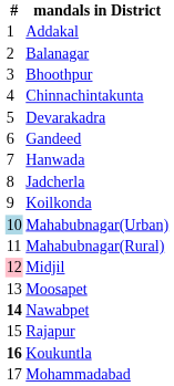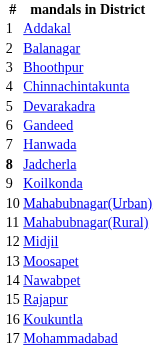 <table wiki table>
 <tr>
 <th>#</th>
 <th>mandals in District</th>
 </tr>
 <tr>
 <td>1</td>
 <td><a href='#'>Addakal</a></td>
 </tr>
 <tr>
 <td>2</td>
 <td><a href='#'>Balanagar</a></td>
 </tr>
 <tr>
 <td>3</td>
 <td><a href='#'>Bhoothpur</a></td>
 </tr>
 <tr>
 <td>4</td>
 <td><a href='#'>Chinnachintakunta</a></td>
 </tr>
 <tr>
 <td>5</td>
 <td><a href='#'>Devarakadra</a></td>
 </tr>
 <tr>
 <td>6</td>
 <td><a href='#'>Gandeed</a></td>
 </tr>
 <tr>
 <td>7</td>
 <td><a href='#'>Hanwada</a></td>
 </tr>
 <tr>
-<td>8</td>
+<td><strong>8</strong></td>
 <td><a href='#'>Jadcherla</a></td>
 </tr>
 <tr>
 <td>9</td>
 <td><a href='#'>Koilkonda</a></td>
 </tr>
 <tr>
-<td style="background: lightblue;">10</td>
+<td>10</td>
 <td><a href='#'>Mahabubnagar(Urban)</a></td>
 </tr>
 <tr>
 <td>11</td>
 <td><a href='#'>Mahabubnagar(Rural)</a></td>
 </tr>
 <tr>
-<td style="background: pink;">12</td>
+<td>12</td>
 <td><a href='#'>Midjil</a></td>
 </tr>
 <tr>
 <td>13</td>
 <td><a href='#'>Moosapet</a></td>
 </tr>
 <tr>
-<td><strong>14</strong></td>
+<td>14</td>
 <td><a href='#'>Nawabpet</a></td>
 </tr>
 <tr>
 <td>15</td>
 <td><a href='#'>Rajapur</a></td>
 </tr>
 <tr>
-<td><strong>16</strong></td>
+<td>16</td>
 <td><a href='#'>Koukuntla</a></td>
 </tr>
 <tr>
 <td>17</td>
 <td><a href='#'>Mohammadabad</a></td>
 </tr>
 </table>
